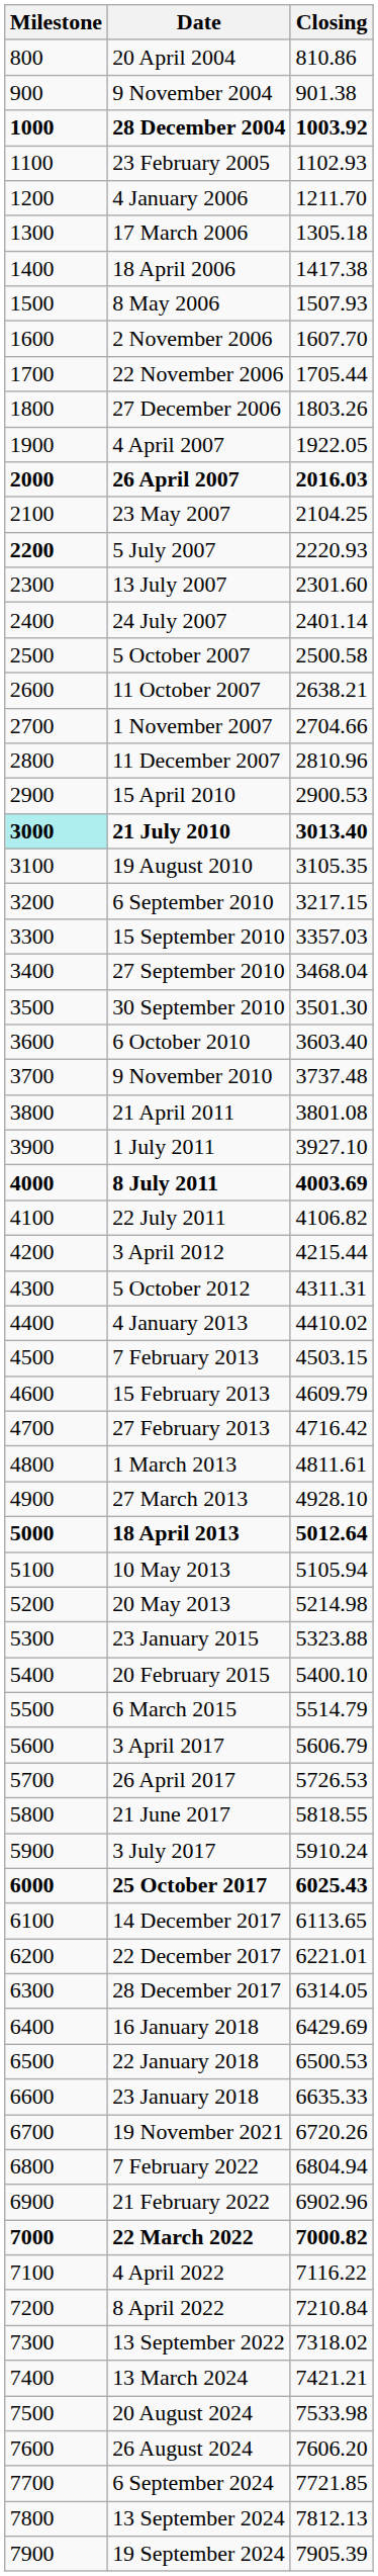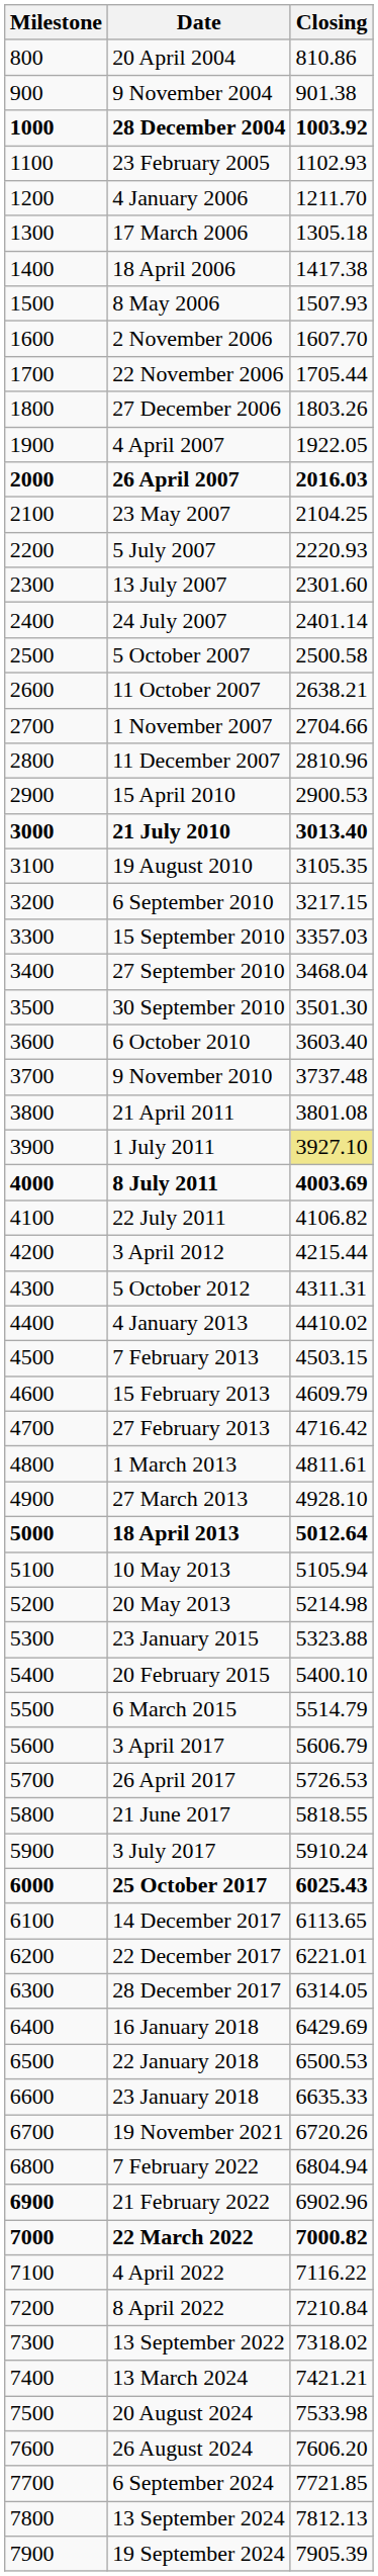 <table class="wikitable mw-collapsible">
 <tr>
 <th colspan="1">Milestone</th>
 <th colspan="1">Date</th>
 <th colspan="1">Closing</th>
 </tr>
 <tr>
 <td>800</td>
 <td>20 April 2004</td>
 <td>810.86</td>
 </tr>
 <tr>
 <td>900</td>
 <td>9 November 2004</td>
 <td>901.38</td>
 </tr>
 <tr>
 <td><strong>1000</strong></td>
 <td><strong>28 December 2004</strong></td>
 <td><strong>1003.92</strong></td>
 </tr>
 <tr>
 <td>1100</td>
 <td>23 February 2005</td>
 <td>1102.93</td>
 </tr>
 <tr>
 <td>1200</td>
 <td>4 January 2006</td>
 <td>1211.70</td>
 </tr>
 <tr>
 <td>1300</td>
 <td>17 March 2006</td>
 <td>1305.18</td>
 </tr>
 <tr>
 <td>1400</td>
 <td>18 April 2006</td>
 <td>1417.38</td>
 </tr>
 <tr>
 <td>1500</td>
 <td>8 May 2006</td>
 <td>1507.93</td>
 </tr>
 <tr>
 <td>1600</td>
 <td>2 November 2006</td>
 <td>1607.70</td>
 </tr>
 <tr>
 <td>1700</td>
 <td>22 November 2006</td>
 <td>1705.44</td>
 </tr>
 <tr>
 <td>1800</td>
 <td>27 December 2006</td>
 <td>1803.26</td>
 </tr>
 <tr>
 <td>1900</td>
 <td>4 April 2007</td>
 <td>1922.05</td>
 </tr>
 <tr>
 <td><strong>2000</strong></td>
 <td><strong>26 April 2007</strong></td>
 <td><strong>2016.03</strong></td>
 </tr>
 <tr>
 <td>2100</td>
 <td>23 May 2007</td>
 <td>2104.25</td>
 </tr>
 <tr>
-<td><strong>2200</strong></td>
+<td>2200</td>
 <td>5 July 2007</td>
 <td>2220.93</td>
 </tr>
 <tr>
 <td>2300</td>
 <td>13 July 2007</td>
 <td>2301.60</td>
 </tr>
 <tr>
 <td>2400</td>
 <td>24 July 2007</td>
 <td>2401.14</td>
 </tr>
 <tr>
 <td>2500</td>
 <td>5 October 2007</td>
 <td>2500.58</td>
 </tr>
 <tr>
 <td>2600</td>
 <td>11 October 2007</td>
 <td>2638.21</td>
 </tr>
 <tr>
 <td>2700</td>
 <td>1 November 2007</td>
 <td>2704.66</td>
 </tr>
 <tr>
 <td>2800</td>
 <td>11 December 2007</td>
 <td>2810.96</td>
 </tr>
 <tr>
 <td>2900</td>
 <td>15 April 2010</td>
 <td>2900.53</td>
 </tr>
 <tr>
-<td style="background: paleturquoise;"><strong>3000</strong></td>
+<td><strong>3000</strong></td>
 <td><strong>21 July 2010</strong></td>
 <td><strong>3013.40</strong></td>
 </tr>
 <tr>
 <td>3100</td>
 <td>19 August 2010</td>
 <td>3105.35</td>
 </tr>
 <tr>
 <td>3200</td>
 <td>6 September 2010</td>
 <td>3217.15</td>
 </tr>
 <tr>
 <td>3300</td>
 <td>15 September 2010</td>
 <td>3357.03</td>
 </tr>
 <tr>
 <td>3400</td>
 <td>27 September 2010</td>
 <td>3468.04</td>
 </tr>
 <tr>
 <td>3500</td>
 <td>30 September 2010</td>
 <td>3501.30</td>
 </tr>
 <tr>
 <td>3600</td>
 <td>6 October 2010</td>
 <td>3603.40</td>
 </tr>
 <tr>
 <td>3700</td>
 <td>9 November 2010</td>
 <td>3737.48</td>
 </tr>
 <tr>
 <td>3800</td>
 <td>21 April 2011</td>
 <td>3801.08</td>
 </tr>
 <tr>
 <td>3900</td>
 <td>1 July 2011</td>
-<td>3927.10</td>
+<td style="background: khaki;">3927.10</td>
 </tr>
 <tr>
 <td><strong>4000</strong></td>
 <td><strong>8 July 2011</strong></td>
 <td><strong>4003.69</strong></td>
 </tr>
 <tr>
 <td>4100</td>
 <td>22 July 2011</td>
 <td>4106.82</td>
 </tr>
 <tr>
 <td>4200</td>
 <td>3 April 2012</td>
 <td>4215.44</td>
 </tr>
 <tr>
 <td>4300</td>
 <td>5 October 2012</td>
 <td>4311.31</td>
 </tr>
 <tr>
 <td>4400</td>
 <td>4 January 2013</td>
 <td>4410.02</td>
 </tr>
 <tr>
 <td>4500</td>
 <td>7 February 2013</td>
 <td>4503.15</td>
 </tr>
 <tr>
 <td>4600</td>
 <td>15 February 2013</td>
 <td>4609.79</td>
 </tr>
 <tr>
 <td>4700</td>
 <td>27 February 2013</td>
 <td>4716.42</td>
 </tr>
 <tr>
 <td>4800</td>
 <td>1 March 2013</td>
 <td>4811.61</td>
 </tr>
 <tr>
 <td>4900</td>
 <td>27 March 2013</td>
 <td>4928.10</td>
 </tr>
 <tr>
 <td><strong>5000</strong></td>
 <td><strong>18 April 2013</strong></td>
 <td><strong>5012.64</strong></td>
 </tr>
 <tr>
 <td>5100</td>
 <td>10 May 2013</td>
 <td>5105.94</td>
 </tr>
 <tr>
 <td>5200</td>
 <td>20 May 2013</td>
 <td>5214.98</td>
 </tr>
 <tr>
 <td>5300</td>
 <td>23 January 2015</td>
 <td>5323.88</td>
 </tr>
 <tr>
 <td>5400</td>
 <td>20 February 2015</td>
 <td>5400.10</td>
 </tr>
 <tr>
 <td>5500</td>
 <td>6 March 2015</td>
 <td>5514.79</td>
 </tr>
 <tr>
 <td>5600</td>
 <td>3 April 2017</td>
 <td>5606.79</td>
 </tr>
 <tr>
 <td>5700</td>
 <td>26 April 2017</td>
 <td>5726.53</td>
 </tr>
 <tr>
 <td>5800</td>
 <td>21 June 2017</td>
 <td>5818.55</td>
 </tr>
 <tr>
 <td>5900</td>
 <td>3 July 2017</td>
 <td>5910.24</td>
 </tr>
 <tr>
 <td><strong>6000</strong></td>
 <td><strong>25 October 2017</strong></td>
 <td><strong>6025.43</strong></td>
 </tr>
 <tr>
 <td>6100</td>
 <td>14 December 2017</td>
 <td>6113.65</td>
 </tr>
 <tr>
 <td>6200</td>
 <td>22 December 2017</td>
 <td>6221.01</td>
 </tr>
 <tr>
 <td>6300</td>
 <td>28 December 2017</td>
 <td>6314.05</td>
 </tr>
 <tr>
 <td>6400</td>
 <td>16 January 2018</td>
 <td>6429.69</td>
 </tr>
 <tr>
 <td>6500</td>
 <td>22 January 2018</td>
 <td>6500.53</td>
 </tr>
 <tr>
 <td>6600</td>
 <td>23 January 2018</td>
 <td>6635.33</td>
 </tr>
 <tr>
 <td>6700</td>
 <td>19 November 2021</td>
 <td>6720.26</td>
 </tr>
 <tr>
 <td>6800</td>
 <td>7 February 2022</td>
 <td>6804.94</td>
 </tr>
 <tr>
-<td>6900</td>
+<td><strong>6900</strong></td>
 <td>21 February 2022</td>
 <td>6902.96</td>
 </tr>
 <tr>
 <td><strong>7000</strong></td>
 <td><strong>22 March 2022</strong></td>
 <td><strong>7000.82</strong></td>
 </tr>
 <tr>
 <td>7100</td>
 <td>4 April 2022</td>
 <td>7116.22</td>
 </tr>
 <tr>
 <td>7200</td>
 <td>8 April 2022</td>
 <td>7210.84</td>
 </tr>
 <tr>
 <td>7300</td>
 <td>13 September 2022</td>
 <td>7318.02</td>
 </tr>
 <tr>
 <td>7400</td>
 <td>13 March 2024</td>
 <td>7421.21</td>
 </tr>
 <tr>
 <td>7500</td>
 <td>20 August 2024</td>
 <td>7533.98</td>
 </tr>
 <tr>
 <td>7600</td>
 <td>26 August 2024</td>
 <td>7606.20</td>
 </tr>
 <tr>
 <td>7700</td>
 <td>6 September 2024</td>
 <td>7721.85</td>
 </tr>
 <tr>
 <td>7800</td>
 <td>13 September 2024</td>
 <td>7812.13</td>
 </tr>
 <tr>
 <td>7900</td>
 <td>19 September 2024</td>
 <td>7905.39</td>
 </tr>
 </table>
